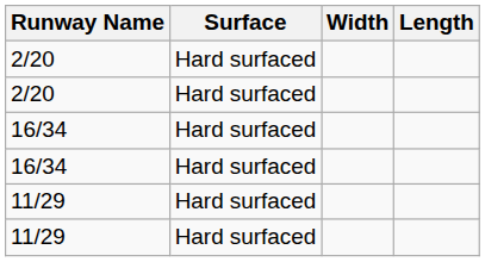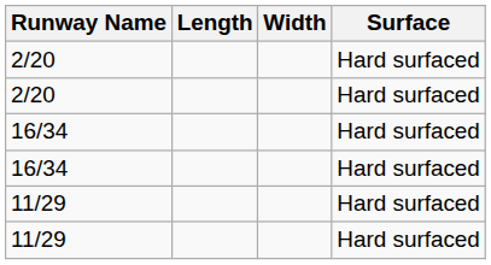 <table class="wikitable">
 <tr>
 <th>Runway Name</th>
+<th>Length</th>
+<th>Width</th>
 <th>Surface</th>
-<th>Width</th>
-<th>Length</th>
 </tr>
 <tr>
 <td>2/20</td>
-<td>Hard surfaced</td>
 <td></td>
 <td></td>
+<td>Hard surfaced</td>
 </tr>
 <tr>
 <td>2/20</td>
-<td>Hard surfaced</td>
 <td></td>
 <td></td>
+<td>Hard surfaced</td>
 </tr>
 <tr>
 <td>16/34</td>
-<td>Hard surfaced</td>
 <td></td>
 <td></td>
+<td>Hard surfaced</td>
 </tr>
 <tr>
 <td>16/34</td>
-<td>Hard surfaced</td>
 <td></td>
 <td></td>
+<td>Hard surfaced</td>
 </tr>
 <tr>
 <td>11/29</td>
-<td>Hard surfaced</td>
 <td></td>
 <td></td>
+<td>Hard surfaced</td>
 </tr>
 <tr>
 <td>11/29</td>
-<td>Hard surfaced</td>
 <td></td>
 <td></td>
+<td>Hard surfaced</td>
 </tr>
 </table>
